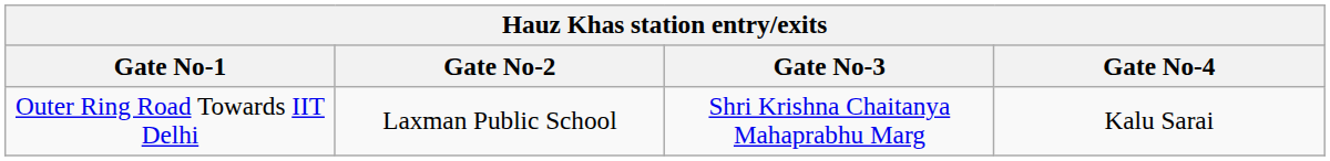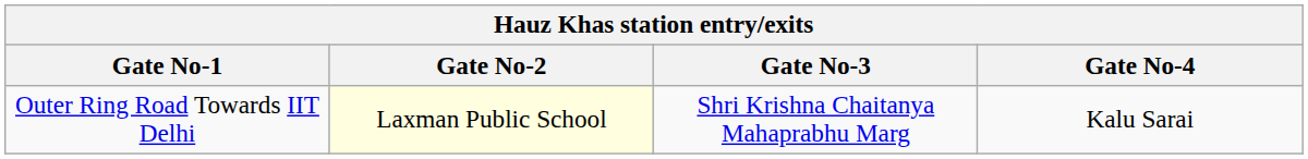 <table class="wikitable" style="text-align: center;" width="65%">
 <tr>
 <th align="center" colspan="5" style="background:#"><span>Hauz Khas station entry/exits</span></th>
 </tr>
 <tr>
 <th style="width:15%;">Gate No-1 </th>
 <th style="width:15%;">Gate No-2</th>
 <th style="width:15%;">Gate No-3 </th>
 <th style="width:15%;">Gate No-4 </th>
 </tr>
 <tr>
 <td><a href='#'>Outer Ring Road</a> Towards <a href='#'>IIT Delhi</a></td>
-<td>Laxman Public School</td>
+<td style="background: lightyellow;">Laxman Public School</td>
 <td><a href='#'>Shri Krishna Chaitanya Mahaprabhu Marg</a></td>
 <td>Kalu Sarai</td>
 </tr>
 </table>
